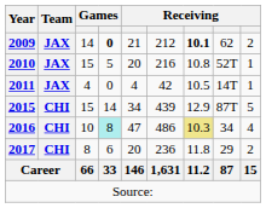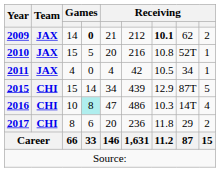 <table class="wikitable" style="text-align:center;">
 <tr>
 <th rowspan="2">Year</th>
 <th rowspan="2">Team</th>
 <th colspan="2">Games</th>
 <th colspan="5">Receiving</th>
 </tr>
 <tr>
 <th></th>
 <th></th>
 <th></th>
 <th></th>
 <th></th>
 <th></th>
 <th></th>
 </tr>
 <tr>
 <th><a href='#'>2009</a></th>
 <th><a href='#'>JAX</a></th>
 <td>14</td>
 <td><strong>0</strong></td>
 <td>21</td>
 <td>212</td>
 <td><strong>10.1</strong></td>
 <td>62</td>
 <td>2</td>
 </tr>
 <tr>
 <th><a href='#'>2010</a></th>
 <th><a href='#'>JAX</a></th>
 <td>15</td>
 <td>5</td>
 <td>20</td>
 <td>216</td>
 <td>10.8</td>
 <td>52T</td>
 <td>1</td>
 </tr>
 <tr>
 <th><a href='#'>2011</a></th>
 <th><a href='#'>JAX</a></th>
 <td>4</td>
 <td>0</td>
 <td>4</td>
 <td>42</td>
 <td>10.5</td>
-<td>14T</td>
+<td>34</td>
 <td>1</td>
 </tr>
 <tr>
 <th><a href='#'>2015</a></th>
 <th><a href='#'>CHI</a></th>
 <td>15</td>
 <td>14</td>
 <td>34</td>
 <td>439</td>
 <td>12.9</td>
 <td>87T</td>
 <td>5</td>
 </tr>
 <tr>
 <th><a href='#'>2016</a></th>
 <th><a href='#'>CHI</a></th>
 <td>10</td>
 <td style="background: paleturquoise;">8</td>
 <td>47</td>
 <td>486</td>
-<td style="background: khaki;">10.3</td>
-<td>34</td>
+<td>10.3</td>
+<td>14T</td>
 <td>4</td>
 </tr>
 <tr>
 <th><a href='#'>2017</a></th>
 <th><a href='#'>CHI</a></th>
 <td>8</td>
 <td>6</td>
 <td>20</td>
 <td>236</td>
 <td>11.8</td>
 <td>29</td>
 <td>2</td>
 </tr>
 <tr>
 <th colspan="2">Career</th>
 <th>66</th>
 <th>33</th>
 <th>146</th>
 <th>1,631</th>
 <th>11.2</th>
 <th>87</th>
 <th>15</th>
 </tr>
 <tr>
 <td colspan="9">Source:</td>
 </tr>
 </table>
